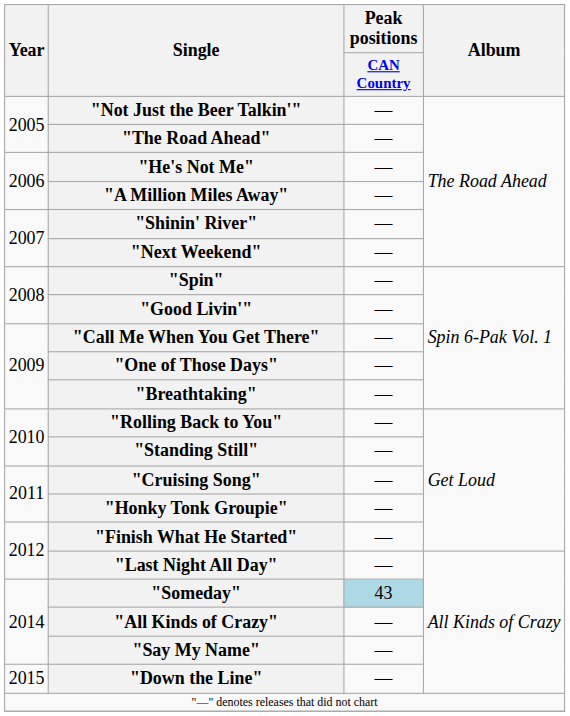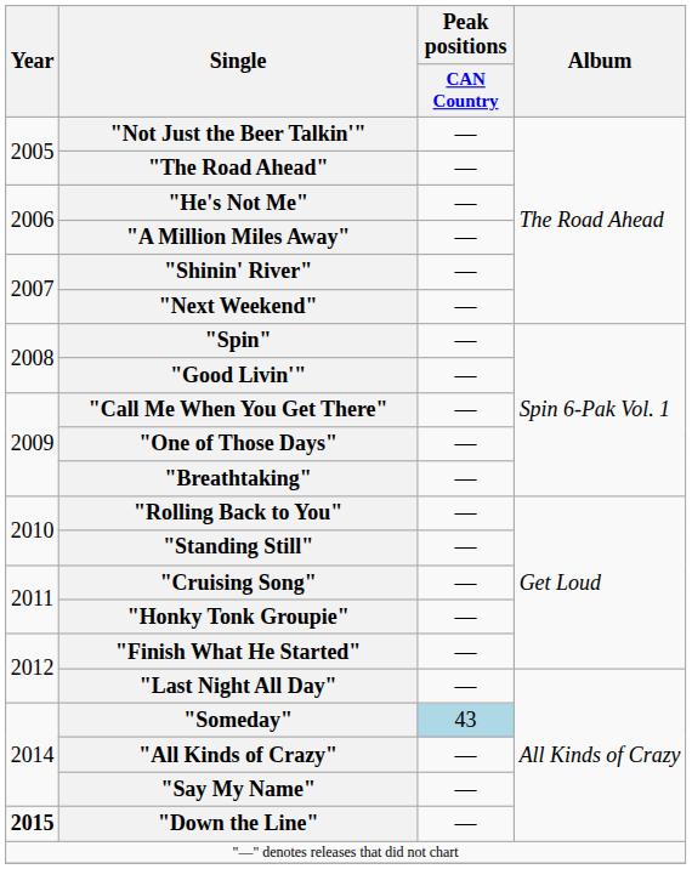 <table class="wikitable plainrowheaders" style="text-align:center;">
 <tr>
 <th rowspan="2">Year</th>
 <th rowspan="2" style="width:16em;">Single</th>
 <th>Peak positions</th>
 <th rowspan="2">Album</th>
 </tr>
 <tr style="font-size:smaller;">
 <th width="65"><a href='#'>CAN Country</a><br></th>
 </tr>
 <tr>
 <td rowspan="2">2005</td>
 <th scope="row">"Not Just the Beer Talkin'"</th>
 <td>—</td>
 <td align="left" rowspan="6"><em>The Road Ahead</em></td>
 </tr>
 <tr>
 <th scope="row">"The Road Ahead"</th>
 <td>—</td>
 </tr>
 <tr>
 <td rowspan="2">2006</td>
 <th scope="row">"He's Not Me"</th>
 <td>—</td>
 </tr>
 <tr>
 <th scope="row">"A Million Miles Away"</th>
 <td>—</td>
 </tr>
 <tr>
 <td rowspan="2">2007</td>
 <th scope="row">"Shinin' River"</th>
 <td>—</td>
 </tr>
 <tr>
 <th scope="row">"Next Weekend"</th>
 <td>—</td>
 </tr>
 <tr>
 <td rowspan="2">2008</td>
 <th scope="row">"Spin"</th>
 <td>—</td>
 <td align="left" rowspan="5"><em>Spin 6-Pak Vol. 1</em></td>
 </tr>
 <tr>
 <th scope="row">"Good Livin'"</th>
 <td>—</td>
 </tr>
 <tr>
 <td rowspan="3">2009</td>
 <th scope="row">"Call Me When You Get There"</th>
 <td>—</td>
 </tr>
 <tr>
 <th scope="row">"One of Those Days"</th>
 <td>—</td>
 </tr>
 <tr>
 <th scope="row">"Breathtaking"</th>
 <td>—</td>
 </tr>
 <tr>
 <td rowspan="2">2010</td>
 <th scope="row">"Rolling Back to You"</th>
 <td>—</td>
 <td align="left" rowspan="5"><em>Get Loud</em></td>
 </tr>
 <tr>
 <th scope="row">"Standing Still"</th>
 <td>—</td>
 </tr>
 <tr>
 <td rowspan="2">2011</td>
 <th scope="row">"Cruising Song"</th>
 <td>—</td>
 </tr>
 <tr>
 <th scope="row">"Honky Tonk Groupie"</th>
 <td>—</td>
 </tr>
 <tr>
 <td rowspan="2">2012</td>
 <th scope="row">"Finish What He Started"</th>
 <td>—</td>
 </tr>
 <tr>
 <th scope="row">"Last Night All Day"</th>
 <td>—</td>
 <td align="left" rowspan="5"><em>All Kinds of Crazy</em></td>
 </tr>
 <tr>
 <td rowspan="3">2014</td>
 <th scope="row">"Someday"</th>
 <td style="background: lightblue;">43</td>
 </tr>
 <tr>
 <th scope="row">"All Kinds of Crazy"</th>
 <td>—</td>
 </tr>
 <tr>
 <th scope="row">"Say My Name"</th>
 <td>—</td>
 </tr>
 <tr>
-<td>2015</td>
+<td><strong>2015</strong></td>
 <th scope="row">"Down the Line"</th>
 <td>—</td>
 </tr>
 <tr>
 <td colspan="4" style="font-size:8pt">"—" denotes releases that did not chart</td>
 </tr>
 <tr>
 </tr>
 </table>
